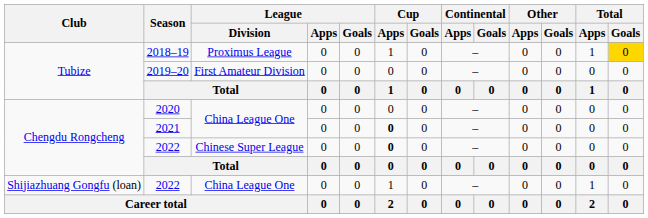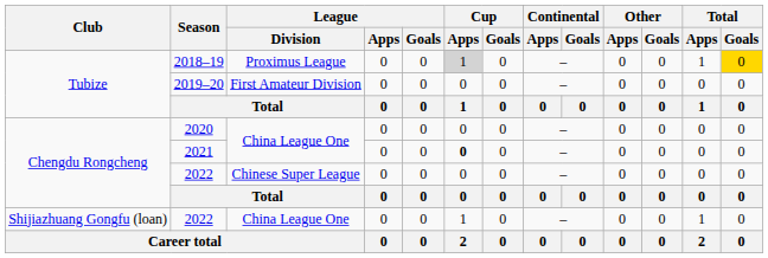 <table class="wikitable" style="text-align: center">
 <tr>
 <th rowspan="2">Club</th>
 <th rowspan="2">Season</th>
 <th colspan="3">League</th>
 <th colspan="2">Cup</th>
 <th colspan="2">Continental</th>
 <th colspan="2">Other</th>
 <th colspan="2">Total</th>
 </tr>
 <tr>
 <th>Division</th>
 <th>Apps</th>
 <th>Goals</th>
 <th>Apps</th>
 <th>Goals</th>
 <th>Apps</th>
 <th>Goals</th>
 <th>Apps</th>
 <th>Goals</th>
 <th>Apps</th>
 <th>Goals</th>
 </tr>
 <tr>
 <td rowspan="3"><a href='#'>Tubize</a></td>
 <td><a href='#'>2018–19</a></td>
 <td><a href='#'>Proximus League</a></td>
 <td>0</td>
 <td>0</td>
-<td>1</td>
+<td style="background: lightgrey;">1</td>
 <td>0</td>
 <td colspan="2">–</td>
 <td>0</td>
 <td>0</td>
 <td>1</td>
 <td style="background: gold;">0</td>
 </tr>
 <tr>
 <td><a href='#'>2019–20</a></td>
 <td><a href='#'>First Amateur Division</a></td>
 <td>0</td>
 <td>0</td>
 <td>0</td>
 <td>0</td>
 <td colspan="2">–</td>
 <td>0</td>
 <td>0</td>
 <td>0</td>
 <td>0</td>
 </tr>
 <tr>
 <th colspan=2>Total</th>
 <th>0</th>
 <th>0</th>
 <th>1</th>
 <th>0</th>
 <th>0</th>
 <th>0</th>
 <th>0</th>
 <th>0</th>
 <th>1</th>
 <th>0</th>
 </tr>
 <tr>
 <td rowspan="4"><a href='#'>Chengdu Rongcheng</a></td>
 <td><a href='#'>2020</a></td>
 <td rowspan="2"><a href='#'>China League One</a></td>
 <td>0</td>
 <td>0</td>
 <td>0</td>
 <td>0</td>
 <td colspan="2">–</td>
 <td>0</td>
 <td>0</td>
 <td>0</td>
 <td>0</td>
 </tr>
 <tr>
 <td><a href='#'>2021</a></td>
 <td>0</td>
 <td>0</td>
 <td><strong>0</strong></td>
 <td>0</td>
 <td colspan="2">–</td>
 <td>0</td>
 <td>0</td>
 <td>0</td>
 <td>0</td>
 </tr>
 <tr>
 <td><a href='#'>2022</a></td>
 <td><a href='#'>Chinese Super League</a></td>
 <td>0</td>
 <td>0</td>
-<td><strong>0</strong></td>
+<td>0</td>
 <td>0</td>
 <td colspan="2">–</td>
 <td>0</td>
 <td>0</td>
 <td>0</td>
 <td>0</td>
 </tr>
 <tr>
 <th colspan=2>Total</th>
 <th>0</th>
 <th>0</th>
 <th>0</th>
 <th>0</th>
 <th>0</th>
 <th>0</th>
 <th>0</th>
 <th>0</th>
 <th>0</th>
 <th>0</th>
 </tr>
 <tr>
 <td><a href='#'>Shijiazhuang Gongfu</a> (loan)</td>
 <td><a href='#'>2022</a></td>
 <td><a href='#'>China League One</a></td>
 <td>0</td>
 <td>0</td>
 <td>1</td>
 <td>0</td>
 <td colspan="2">–</td>
 <td>0</td>
 <td>0</td>
 <td>1</td>
 <td>0</td>
 </tr>
 <tr>
 <th colspan=3>Career total</th>
 <th>0</th>
 <th>0</th>
 <th>2</th>
 <th>0</th>
 <th>0</th>
 <th>0</th>
 <th>0</th>
 <th>0</th>
 <th>2</th>
 <th>0</th>
 </tr>
 </table>
